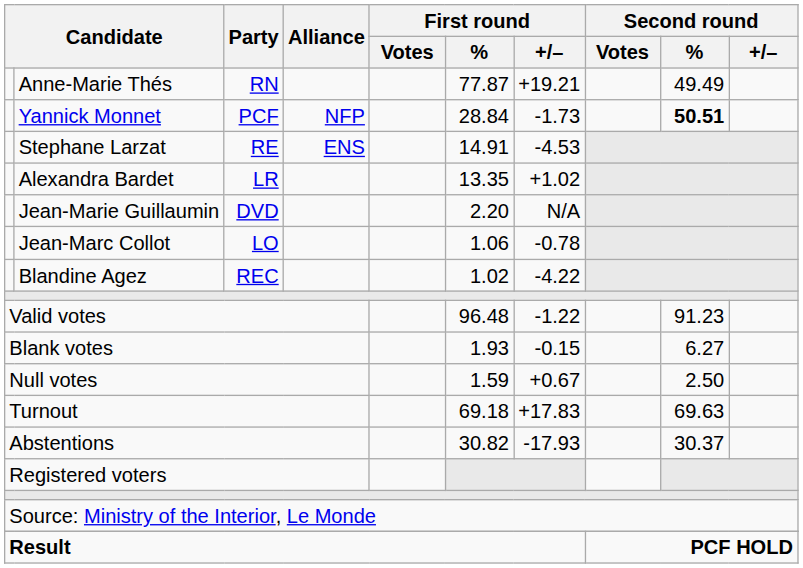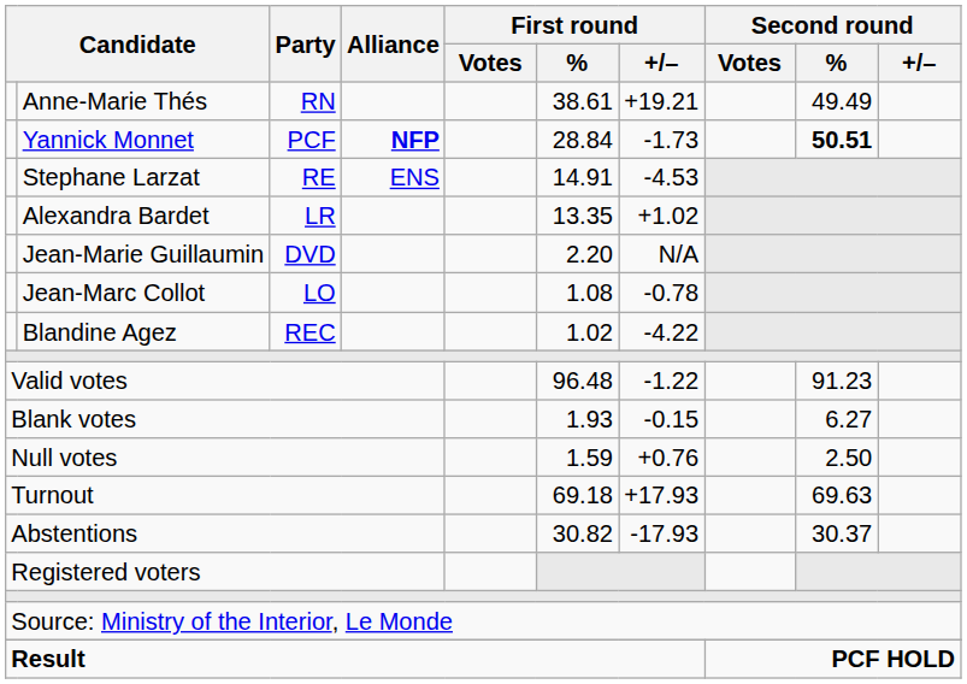 <table class="wikitable" style="text-align:right;font-size:95%;">
 <tr>
 <th rowspan="2" colspan="2">Candidate</th>
 <th rowspan="2">Party</th>
 <th rowspan="2">Alliance</th>
 <th colspan="3">First round</th>
 <th colspan="3">Second round</th>
 </tr>
 <tr>
 <th style="width:50px;">Votes</th>
 <th style="width:45px;">%</th>
 <th style="width:45px;">+/–</th>
 <th style="width:50px;">Votes</th>
 <th style="width:45px;">%</th>
 <th style="width:45px;">+/–</th>
 </tr>
 <tr>
 <td style="color:inherit;background:"></td>
 <td style="text-align:left;">Anne-Marie Thés</td>
 <td><a href='#'>RN</a></td>
 <td></td>
 <td></td>
-<td>77.87</td>
+<td>38.61</td>
 <td>+19.21</td>
 <td></td>
 <td>49.49</td>
 <td></td>
 </tr>
 <tr>
 <td style="color:inherit;background:"></td>
 <td style="text-align:left;"><a href='#'>Yannick Monnet</a></td>
 <td><a href='#'>PCF</a></td>
-<td><a href='#'>NFP</a></td>
+<td><strong><a href='#'>NFP</a></strong></td>
 <td></td>
 <td>28.84</td>
 <td>-1.73</td>
 <td><strong></strong></td>
 <td><strong>50.51</strong></td>
 <td></td>
 </tr>
 <tr>
 <td style="color:inherit;background:"></td>
 <td style="text-align:left;">Stephane Larzat</td>
 <td><a href='#'>RE</a></td>
 <td><a href='#'>ENS</a></td>
 <td></td>
 <td>14.91</td>
 <td>-4.53</td>
 <td colspan="3" style="background:#E9E9E9;"></td>
 </tr>
 <tr>
 <td style="color:inherit;background:"></td>
 <td style="text-align:left;">Alexandra Bardet</td>
 <td><a href='#'>LR</a></td>
 <td></td>
 <td></td>
 <td>13.35</td>
 <td>+1.02</td>
 <td colspan="3" style="background:#E9E9E9;"></td>
 </tr>
 <tr>
 <td style="color:inherit;background:"></td>
 <td style="text-align:left;">Jean-Marie Guillaumin</td>
 <td><a href='#'>DVD</a></td>
 <td></td>
 <td></td>
 <td>2.20</td>
 <td>N/A</td>
 <td colspan="3" style="background:#E9E9E9;"></td>
 </tr>
 <tr>
 <td style="color:inherit;background:"></td>
 <td style="text-align:left;">Jean-Marc Collot</td>
 <td><a href='#'>LO</a></td>
 <td></td>
 <td></td>
-<td>1.06</td>
+<td>1.08</td>
 <td>-0.78</td>
 <td colspan="3" style="background:#E9E9E9;"></td>
 </tr>
 <tr>
 <td style="color:inherit;background:"></td>
 <td style="text-align:left;">Blandine Agez</td>
 <td><a href='#'>REC</a></td>
 <td></td>
 <td></td>
 <td>1.02</td>
 <td>-4.22</td>
 <td colspan="3" style="background:#E9E9E9;"></td>
 </tr>
 <tr>
 <td colspan="10" style="background:#E9E9E9;"></td>
 </tr>
 <tr>
 <td colspan="4" style="text-align:left;">Valid votes</td>
 <td></td>
 <td>96.48</td>
 <td>-1.22</td>
 <td></td>
 <td>91.23</td>
 <td></td>
 </tr>
 <tr>
 <td colspan="4" style="text-align:left;">Blank votes</td>
 <td></td>
 <td>1.93</td>
 <td>-0.15</td>
 <td></td>
 <td>6.27</td>
 <td></td>
 </tr>
 <tr>
 <td colspan="4" style="text-align:left;">Null votes</td>
 <td></td>
 <td>1.59</td>
-<td>+0.67</td>
+<td>+0.76</td>
 <td></td>
 <td>2.50</td>
 <td></td>
 </tr>
 <tr>
 <td colspan="4" style="text-align:left;">Turnout</td>
 <td></td>
 <td>69.18</td>
-<td>+17.83</td>
+<td>+17.93</td>
 <td></td>
 <td>69.63</td>
 <td></td>
 </tr>
 <tr>
 <td colspan="4" style="text-align:left;">Abstentions</td>
 <td></td>
 <td>30.82</td>
 <td>-17.93</td>
 <td></td>
 <td>30.37</td>
 <td></td>
 </tr>
 <tr>
 <td colspan="4" style="text-align:left;">Registered voters</td>
 <td></td>
 <td colspan="2" style="background:#E9E9E9;"></td>
 <td></td>
 <td colspan="2" style="background:#E9E9E9;"></td>
 </tr>
 <tr>
 <td colspan="10" style="background:#E9E9E9;"></td>
 </tr>
 <tr>
 <td colspan="10" style="text-align:left;">Source: <a href='#'>Ministry of the Interior</a>, <a href='#'>Le Monde</a></td>
 </tr>
 <tr>
 </tr>
 <tr style="font-weight:bold">
 <td colspan="7" style="text-align:left;">Result</td>
 <td colspan="7" style="background-color:">PCF HOLD</td>
 </tr>
 </table>
